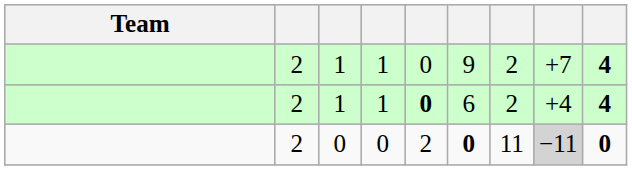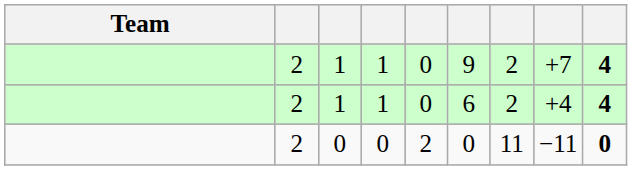 <table class="wikitable" style="text-align:center">
 <tr>
 <th width="165">Team</th>
 <th width="20"></th>
 <th width="20"></th>
 <th width="20"></th>
 <th width="20"></th>
 <th width="20"></th>
 <th width="20"></th>
 <th width="20"></th>
 <th width="20"></th>
 </tr>
 <tr bgcolor="#ccffcc">
 <td align=left></td>
 <td>2</td>
 <td>1</td>
 <td>1</td>
 <td>0</td>
 <td>9</td>
 <td>2</td>
 <td>+7</td>
 <td><strong>4</strong></td>
 </tr>
 <tr bgcolor="#ccffcc">
 <td align=left></td>
 <td>2</td>
 <td>1</td>
 <td>1</td>
-<td><strong>0</strong></td>
+<td>0</td>
 <td>6</td>
 <td>2</td>
 <td>+4</td>
 <td><strong>4</strong></td>
 </tr>
 <tr>
 <td align=left></td>
 <td>2</td>
 <td>0</td>
 <td>0</td>
 <td>2</td>
-<td><strong>0</strong></td>
+<td>0</td>
 <td>11</td>
-<td style="background: lightgrey;">−11</td>
+<td>−11</td>
 <td><strong>0</strong></td>
 </tr>
 </table>
